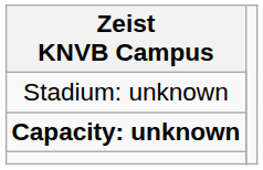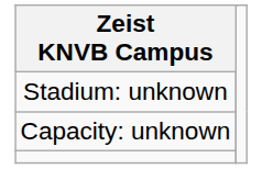 <table class="wikitable" style="text-align:center; margin: 1em auto">
 <tr>
 <th colspan="2">Zeist<br>KNVB Campus</th>
 <td rowspan=4></td>
 </tr>
 <tr>
 <td>Stadium: unknown</td>
 </tr>
 <tr>
-<td><strong>Capacity: unknown</strong></td>
+<td>Capacity: unknown</td>
 </tr>
 <tr>
 <td></td>
 </tr>
 </table>
